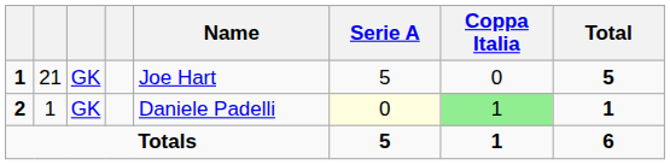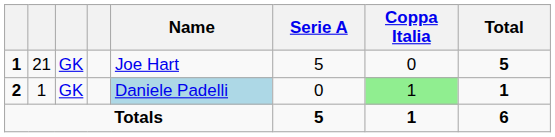 <table class="wikitable" style="text-align:center">
 <tr>
 <th width=15></th>
 <th width=15></th>
 <th width=15></th>
 <th width=15></th>
 <th width=145>Name</th>
 <th width=80><a href='#'>Serie A</a></th>
 <th width=80><a href='#'>Coppa Italia</a></th>
 <th width=80>Total</th>
 </tr>
 <tr>
 <td><strong>1</strong></td>
 <td>21</td>
 <td><a href='#'>GK</a></td>
 <td></td>
 <td align=left><a href='#'>Joe Hart</a></td>
 <td>5</td>
 <td>0</td>
 <td><strong>5</strong></td>
 </tr>
 <tr>
 <td><strong>2</strong></td>
 <td>1</td>
 <td><a href='#'>GK</a></td>
 <td></td>
-<td align=left><a href='#'>Daniele Padelli</a></td>
-<td style="background: lightyellow;">0</td>
+<td align=left style="background: lightblue;"><a href='#'>Daniele Padelli</a></td>
+<td>0</td>
 <td style="background: lightgreen;">1</td>
 <td><strong>1</strong></td>
 </tr>
 <tr>
 <td colspan=5><strong>Totals</strong></td>
 <td><strong>5</strong></td>
 <td><strong>1</strong></td>
 <td><strong>6</strong></td>
 </tr>
 </table>
